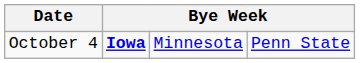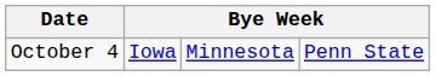 <table class="wikitable" style="font-size:95%;">
 <tr>
 <th>Date</th>
 <th colspan="3">Bye Week</th>
 </tr>
 <tr>
 <td>October 4</td>
-<td><strong><a href='#'>Iowa</a></strong></td>
+<td><a href='#'>Iowa</a></td>
 <td><a href='#'>Minnesota</a></td>
 <td><a href='#'>Penn State</a></td>
 </tr>
 </table>
